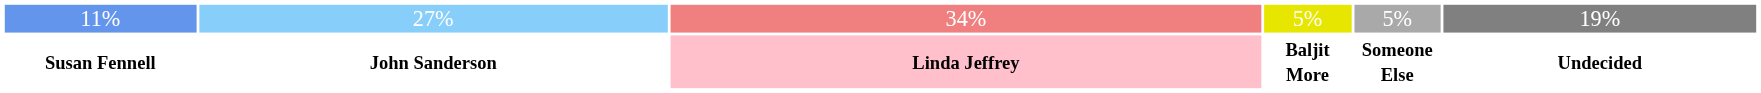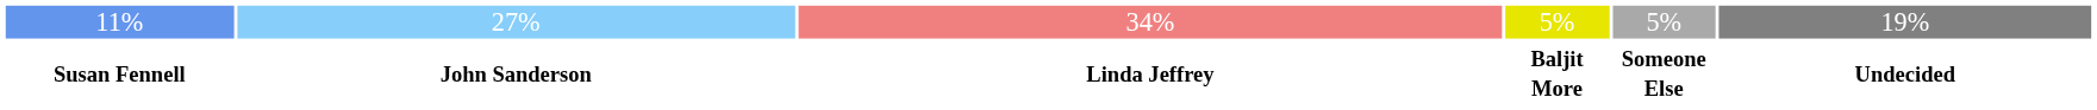 <table style="width:100%; text-align:center;">
 <tr style="color:white;">
 <td style="background:cornflowerblue; width:11%;">11%</td>
 <td style="background:lightskyblue; width:27%;">27%</td>
 <td style="background:lightcoral; width:34%;">34%</td>
 <td style="background:#e6e600; width:5%;">5%</td>
 <td style="background:darkgrey; width:5%;">5%</td>
 <td style="background:gray; width:19%;">19%</td>
 </tr>
 <tr>
 <td><span><small><strong>Susan Fennell</strong></small></span></td>
 <td><span><small><strong>John Sanderson</strong></small></span></td>
-<td style="background: pink;"><span><small><strong>Linda Jeffrey</strong></small></span></td>
+<td><span><small><strong>Linda Jeffrey</strong></small></span></td>
 <td><span><small><strong>Baljit More</strong></small></span></td>
 <td><span><small><strong>Someone Else</strong></small></span></td>
 <td><span><small><strong>Undecided</strong></small></span></td>
 </tr>
 </table>
